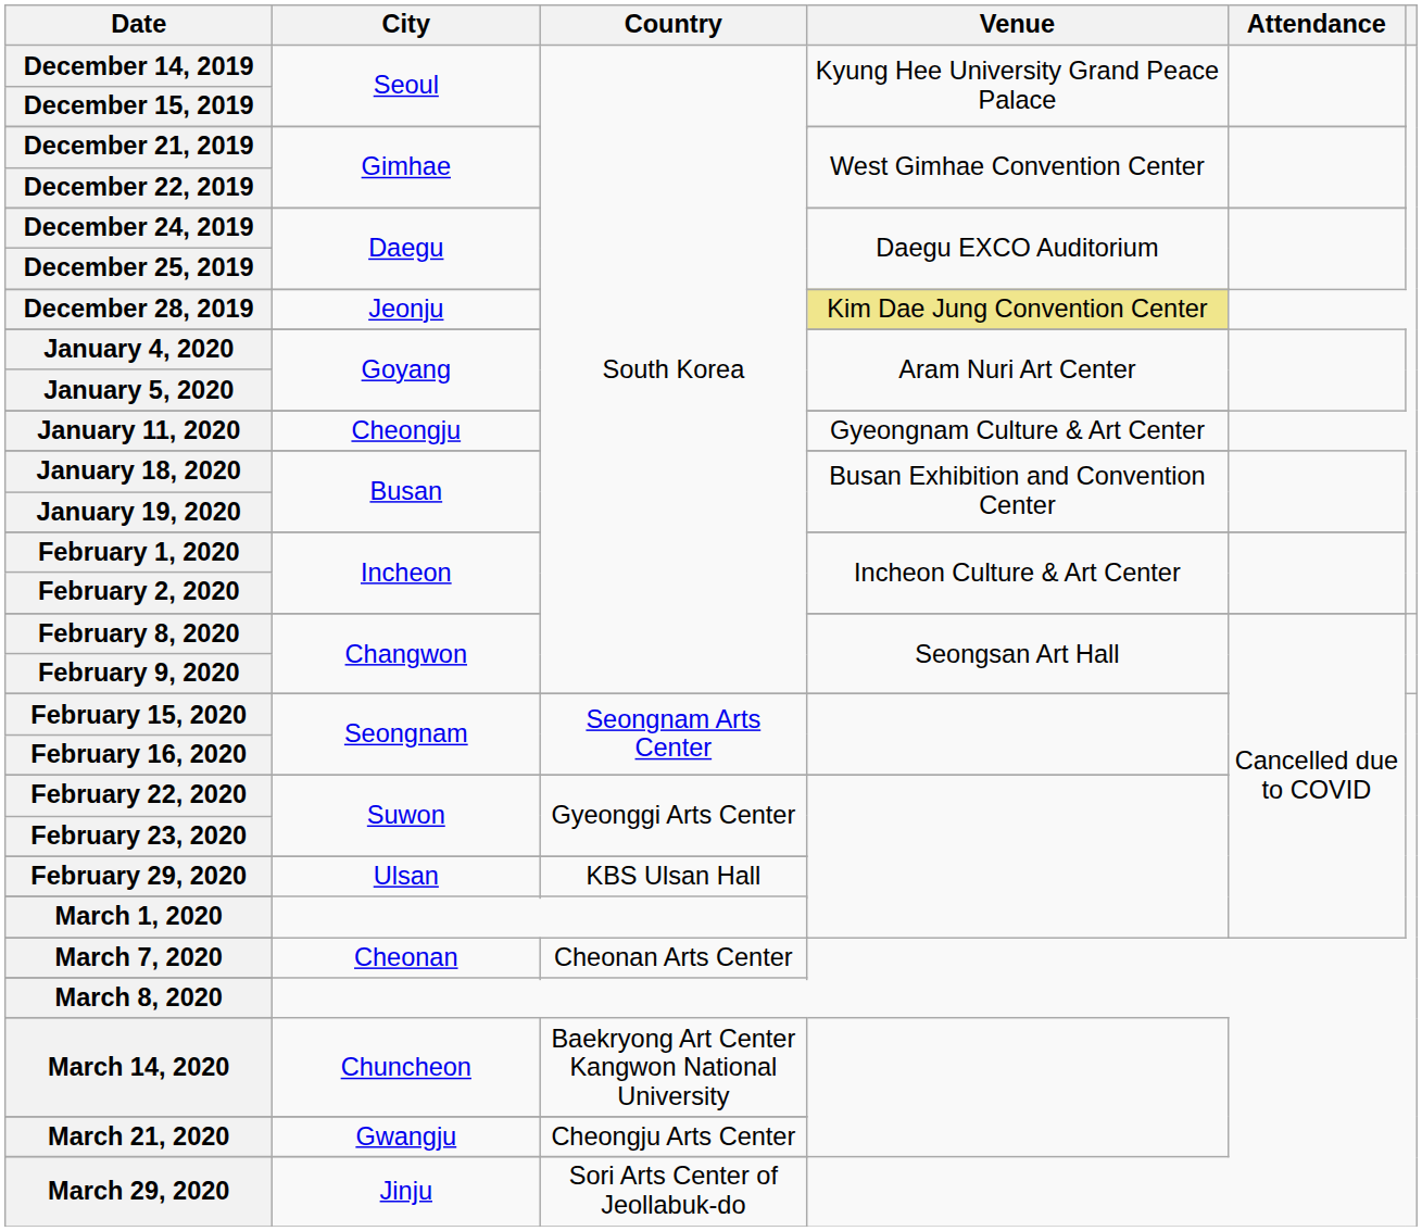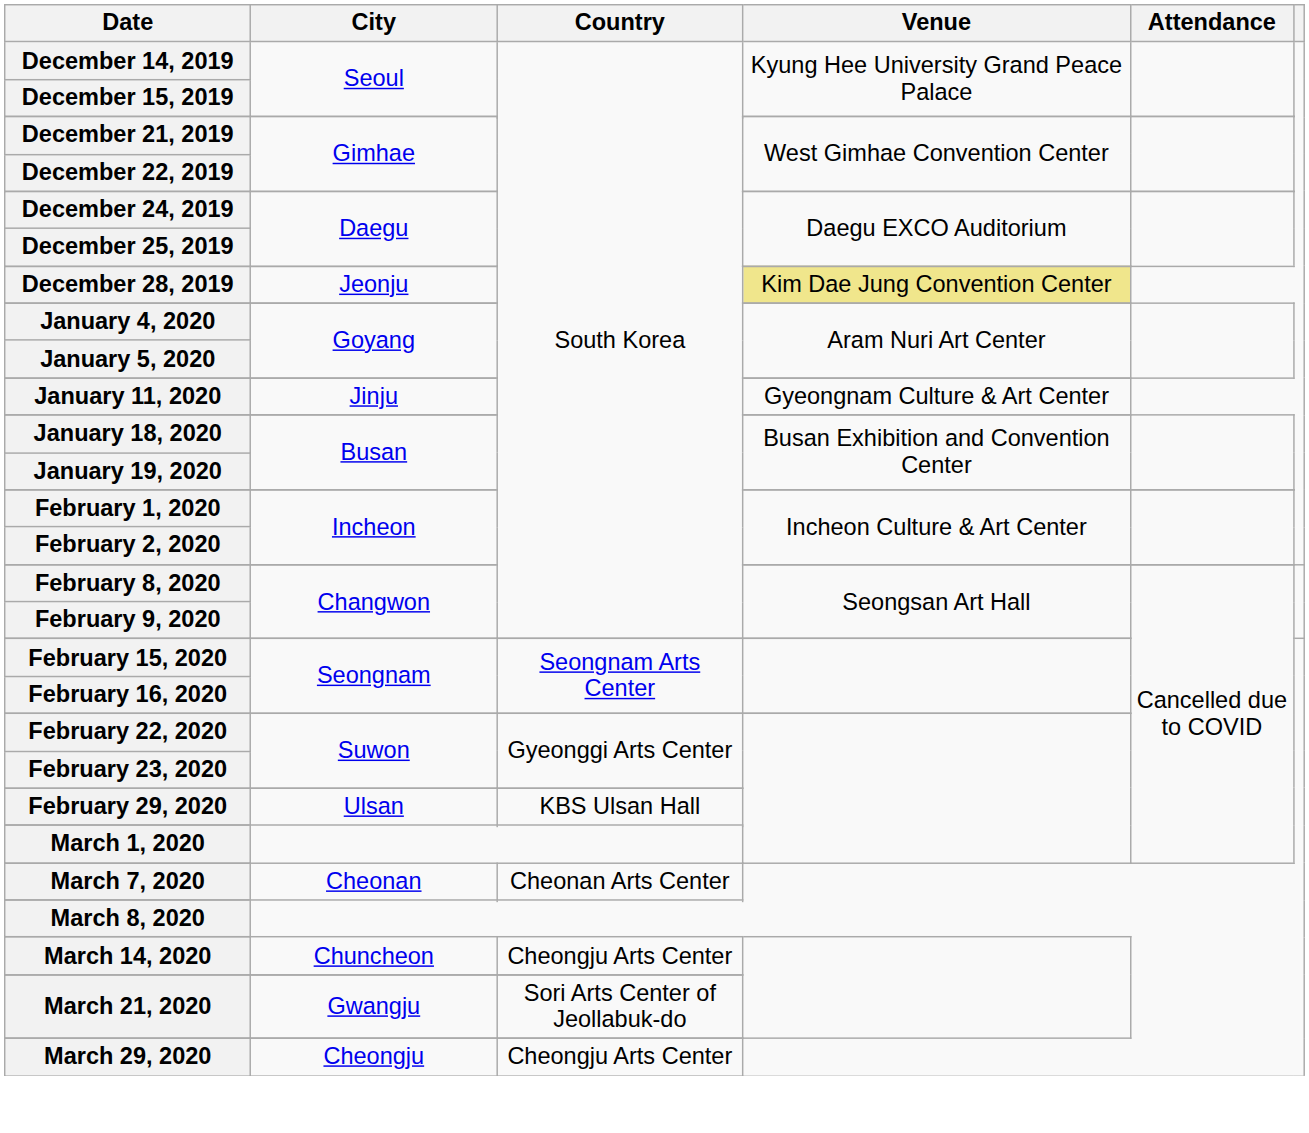 <table class="wikitable sortable plainrowheaders" style="text-align:center;">
 <tr>
 <th style="width:10em;">Date</th>
 <th style="width:10em;">City</th>
 <th style="width:10em;">Country</th>
 <th style="width:16em;">Venue</th>
 <th style="width:6.5em;">Attendance</th>
 <th scope="col" class="unsortable"></th>
 </tr>
 <tr>
 <th scope="row" style="text-align:center">December 14, 2019</th>
 <td rowspan="2"><a href='#'>Seoul</a></td>
 <td rowspan="27">South Korea</td>
 <td rowspan="2">Kyung Hee University Grand Peace Palace</td>
 <td rowspan="2"></td>
 </tr>
 <tr>
 <th scope="row" style="text-align:center">December 15, 2019</th>
 </tr>
 <tr>
 </tr>
 <tr>
 </tr>
 <tr>
 <th scope="row" style="text-align:center">December 21, 2019</th>
 <td rowspan=2><a href='#'>Gimhae</a></td>
 <td rowspan=2>West Gimhae Convention Center</td>
 <td rowspan=2></td>
 </tr>
 <tr>
 <th scope="row" style="text-align:center">December 22, 2019</th>
 </tr>
 <tr>
 </tr>
 <tr>
 </tr>
 <tr>
 <th scope="row" style="text-align:center">December 24, 2019</th>
 <td rowspan=2><a href='#'>Daegu</a></td>
 <td rowspan=2>Daegu EXCO Auditorium</td>
 <td rowspan=3></td>
 </tr>
 <tr>
 <th scope="row" style="text-align:center">December 25, 2019</th>
 </tr>
 <tr>
 </tr>
 <tr>
 </tr>
 <tr>
 <th scope="row" style="text-align:center">December 28, 2019</th>
 <td><a href='#'>Jeonju</a></td>
 <td style="background: khaki;">Kim Dae Jung Convention Center</td>
 </tr>
 <tr>
 </tr>
 <tr>
 <th scope="row" style="text-align:center">January 4, 2020</th>
 <td rowspan=2><a href='#'>Goyang</a></td>
 <td rowspan=2>Aram Nuri Art Center</td>
 <td rowspan=3></td>
 </tr>
 <tr>
 <th scope="row" style="text-align:center">January 5, 2020</th>
 </tr>
 <tr>
 </tr>
 <tr>
 <th scope="row" style="text-align:center">January 11, 2020</th>
-<td><a href='#'>Cheongju</a></td>
+<td><a href='#'>Jinju</a></td>
 <td>Gyeongnam Culture & Art Center</td>
 </tr>
 <tr>
 </tr>
 <tr>
 <th scope="row" style="text-align:center">January 18, 2020</th>
 <td rowspan=2><a href='#'>Busan</a></td>
 <td rowspan=2>Busan Exhibition and Convention Center</td>
 <td rowspan=2></td>
 </tr>
 <tr>
 <th scope="row" style="text-align:center">January 19, 2020</th>
 </tr>
 <tr>
 </tr>
 <tr>
 <th scope="row" style="text-align:center">February 1, 2020</th>
 <td rowspan=2><a href='#'>Incheon</a></td>
 <td rowspan=2>Incheon Culture & Art Center</td>
 <td rowspan=2></td>
 </tr>
 <tr>
 <th scope="row" style="text-align:center">February 2, 2020</th>
 </tr>
 <tr>
 </tr>
 <tr>
 <th scope="row" style="text-align:center">February 8, 2020</th>
 <td rowspan=2><a href='#'>Changwon</a></td>
 <td rowspan=2>Seongsan Art Hall</td>
 <td rowspan="13">Cancelled due to COVID</td>
 <td rowspan="2"></td>
 </tr>
 <tr>
 <th scope="row" style="text-align:center">February 9, 2020</th>
 </tr>
 <tr>
 </tr>
 <tr>
 <th scope="row" style="text-align:center">February 15, 2020</th>
 <td rowspan="2"><a href='#'>Seongnam</a></td>
 <td rowspan="2"><a href='#'>Seongnam Arts Center</a></td>
 <td rowspan="2"></td>
 </tr>
 <tr>
 <th scope="row" style="text-align:center">February 16, 2020</th>
 </tr>
 <tr>
 </tr>
 <tr>
 <th scope="row" style="text-align:center">February 22, 2020</th>
 <td rowspan=2><a href='#'>Suwon</a></td>
 <td rowspan=2>Gyeonggi Arts Center</td>
 <td rowspan=6></td>
 </tr>
 <tr>
 <th scope="row" style="text-align:center">February 23, 2020</th>
 </tr>
 <tr>
 </tr>
 <tr>
 <th scope="row" style="text-align:center">February 29, 2020</th>
 <td rowspan=2><a href='#'>Ulsan</a></td>
 <td rowspan=2>KBS Ulsan Hall</td>
 </tr>
 <tr>
 </tr>
 <tr>
 <th scope="row" style="text-align:center">March 1, 2020</th>
 </tr>
 <tr>
 </tr>
 <tr>
 <th scope="row" style="text-align:center">March 7, 2020</th>
 <td rowspan=2><a href='#'>Cheonan</a></td>
 <td rowspan=2>Cheonan Arts Center</td>
 </tr>
 <tr>
 </tr>
 <tr>
 <th scope="row" style="text-align:center">March 8, 2020</th>
 </tr>
 <tr>
 </tr>
 <tr>
 <th scope="row" style="text-align:center">March 14, 2020</th>
 <td><a href='#'>Chuncheon</a></td>
-<td>Baekryong Art Center Kangwon National University</td>
+<td>Cheongju Arts Center</td>
 <td rowspan=3></td>
 </tr>
 <tr>
 </tr>
 <tr>
 <th scope="row" style="text-align:center">March 21, 2020</th>
 <td><a href='#'>Gwangju</a></td>
-<td>Cheongju Arts Center</td>
+<td>Sori Arts Center of Jeollabuk-do</td>
 </tr>
 <tr>
 </tr>
 <tr>
 </tr>
 <tr>
 <th scope="row" style="text-align:center">March 29, 2020</th>
-<td><a href='#'>Jinju</a></td>
-<td>Sori Arts Center of Jeollabuk-do</td>
+<td><a href='#'>Cheongju</a></td>
+<td>Cheongju Arts Center</td>
 </tr>
 <tr>
 </tr>
 <tr>
 </tr>
 </table>
